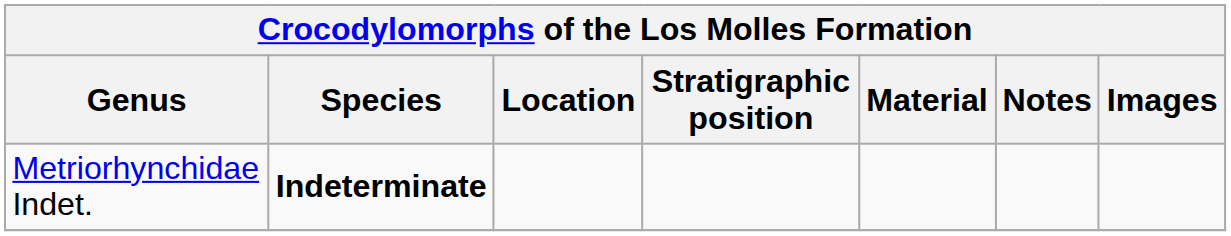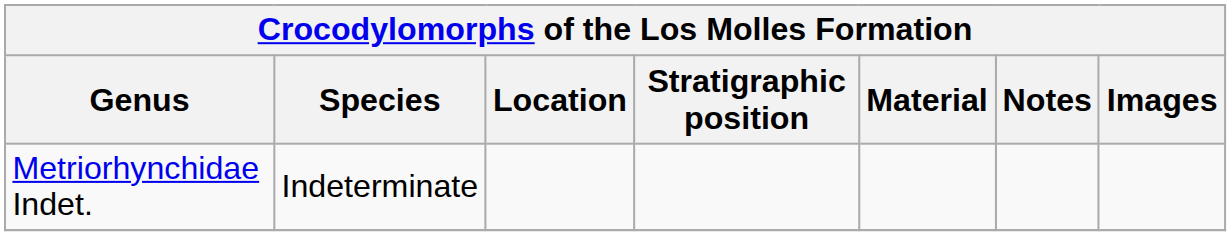 <table class="wikitable" align="center">
 <tr>
 <th colspan="7" align="center"><a href='#'>Crocodylomorphs</a> of the Los Molles Formation</th>
 </tr>
 <tr>
 <th>Genus</th>
 <th>Species</th>
 <th>Location</th>
 <th>Stratigraphic position</th>
 <th>Material</th>
 <th>Notes</th>
 <th>Images</th>
 </tr>
 <tr>
 <td><a href='#'>Metriorhynchidae</a> Indet.</td>
-<td><strong>Indeterminate</strong></td>
+<td>Indeterminate</td>
 <td></td>
 <td></td>
 <td></td>
 <td></td>
 <td></td>
 </tr>
 <tr>
 </tr>
 </table>
